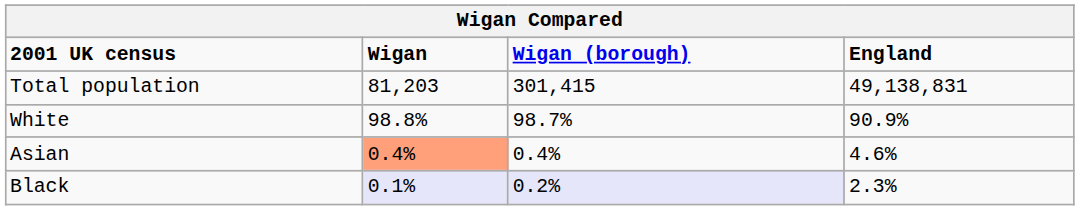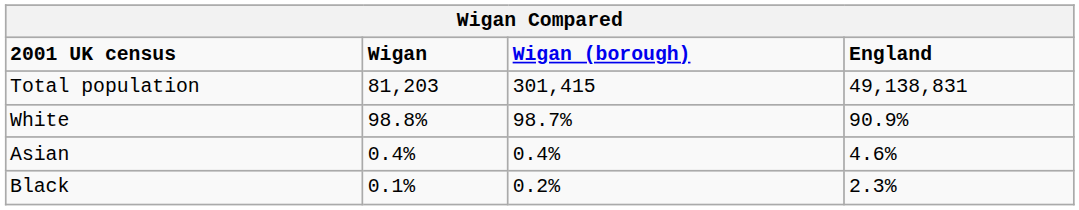 <table class="wikitable" style="float: right; margin-left: 2em; width: 40%; font-size: 90%;" cellspacing="3">
 <tr>
 <th colspan="4">Wigan Compared</th>
 </tr>
 <tr>
 <td><strong>2001 UK census</strong></td>
 <td><strong>Wigan</strong></td>
 <td><strong><a href='#'>Wigan (borough)</a></strong></td>
 <td><strong>England</strong></td>
 </tr>
 <tr>
 <td>Total population</td>
 <td>81,203</td>
 <td>301,415</td>
 <td>49,138,831</td>
 </tr>
 <tr>
 <td>White</td>
 <td>98.8%</td>
 <td>98.7%</td>
 <td>90.9%</td>
 </tr>
 <tr>
 <td>Asian</td>
-<td style="background: lightsalmon;">0.4%</td>
+<td>0.4%</td>
 <td>0.4%</td>
 <td>4.6%</td>
 </tr>
 <tr>
 <td>Black</td>
-<td style="background: lavender;">0.1%</td>
-<td style="background: lavender;">0.2%</td>
+<td>0.1%</td>
+<td>0.2%</td>
 <td>2.3%</td>
 </tr>
 </table>
